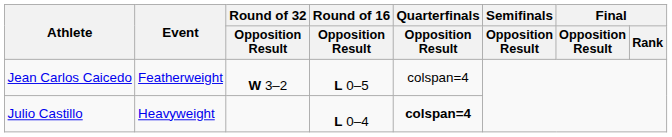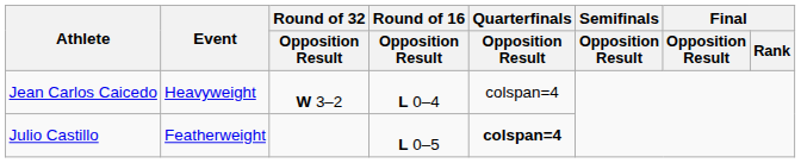 <table class="wikitable" style="font-size:90%">
 <tr>
 <th rowspan="2">Athlete</th>
 <th rowspan="2">Event</th>
 <th>Round of 32</th>
 <th>Round of 16</th>
 <th>Quarterfinals</th>
 <th>Semifinals</th>
 <th colspan=2>Final</th>
 </tr>
 <tr style="font-size:95%">
 <th>Opposition<br>Result</th>
 <th>Opposition<br>Result</th>
 <th>Opposition<br>Result</th>
 <th>Opposition<br>Result</th>
 <th>Opposition<br>Result</th>
 <th>Rank</th>
 </tr>
 <tr align=center>
 <td align=left><a href='#'>Jean Carlos Caicedo</a></td>
-<td align=left><a href='#'>Featherweight</a></td>
+<td align=left><a href='#'>Heavyweight</a></td>
 <td><br><strong>W</strong> 3–2</td>
-<td><br><strong>L</strong> 0–5</td>
+<td><br><strong>L</strong> 0–4</td>
 <td>colspan=4 </td>
 </tr>
 <tr align=center>
 <td align=left><a href='#'>Julio Castillo</a></td>
-<td align=left><a href='#'>Heavyweight</a></td>
+<td align=left><a href='#'>Featherweight</a></td>
 <td></td>
-<td><br><strong>L</strong> 0–4</td>
+<td><br><strong>L</strong> 0–5</td>
 <td><strong>colspan=4 </strong></td>
 </tr>
 </table>
